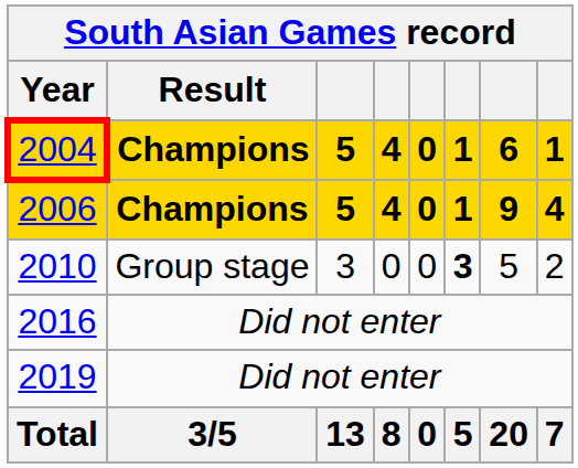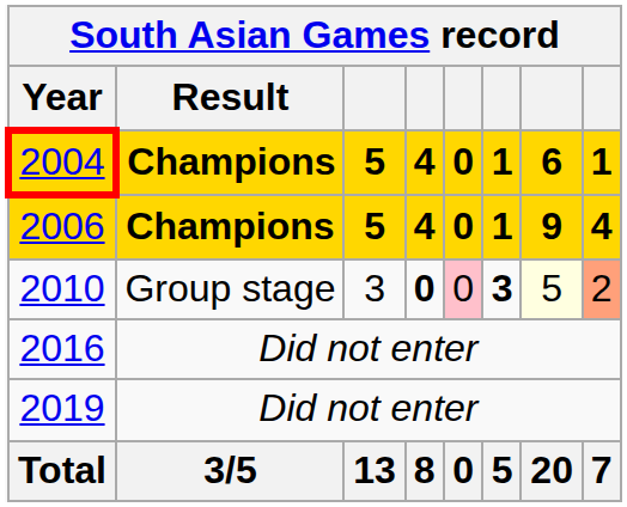 <table class="wikitable" style="text-align: center">
 <tr>
 <th colspan="9"><a href='#'>South Asian Games</a> record</th>
 </tr>
 <tr>
 <th>Year</th>
 <th>Result</th>
 <th></th>
 <th></th>
 <th></th>
 <th></th>
 <th></th>
 <th></th>
 </tr>
 <tr style="background:gold;">
 <td style="border: 3px solid red"> <a href='#'>2004</a></td>
 <td><strong>Champions</strong></td>
 <td><strong>5</strong></td>
 <td><strong>4</strong></td>
 <td><strong>0</strong></td>
 <td><strong>1</strong></td>
 <td><strong>6</strong></td>
 <td><strong>1</strong></td>
 </tr>
 <tr style="background:gold;">
 <td> <a href='#'>2006</a></td>
 <td><strong>Champions</strong></td>
 <td><strong>5</strong></td>
 <td><strong>4</strong></td>
 <td><strong>0</strong></td>
 <td><strong>1</strong></td>
 <td><strong>9</strong></td>
 <td><strong>4</strong></td>
 </tr>
 <tr>
 <td> <a href='#'>2010</a></td>
 <td>Group stage</td>
 <td>3</td>
-<td>0</td>
-<td>0</td>
+<td><strong>0</strong></td>
+<td style="background: pink;">0</td>
 <td><strong>3</strong></td>
-<td>5</td>
-<td>2</td>
+<td style="background: lightyellow;">5</td>
+<td style="background: lightsalmon;">2</td>
 </tr>
 <tr>
 <td> <a href='#'>2016</a></td>
 <td colspan="7"><em>Did not enter</em></td>
 </tr>
 <tr>
 <td> <a href='#'>2019</a></td>
 <td colspan="7"><em>Did not enter</em></td>
 </tr>
 <tr>
 <th>Total</th>
 <th>3/5</th>
 <th>13</th>
 <th>8</th>
 <th>0</th>
 <th>5</th>
 <th>20</th>
 <th>7</th>
 </tr>
 </table>
